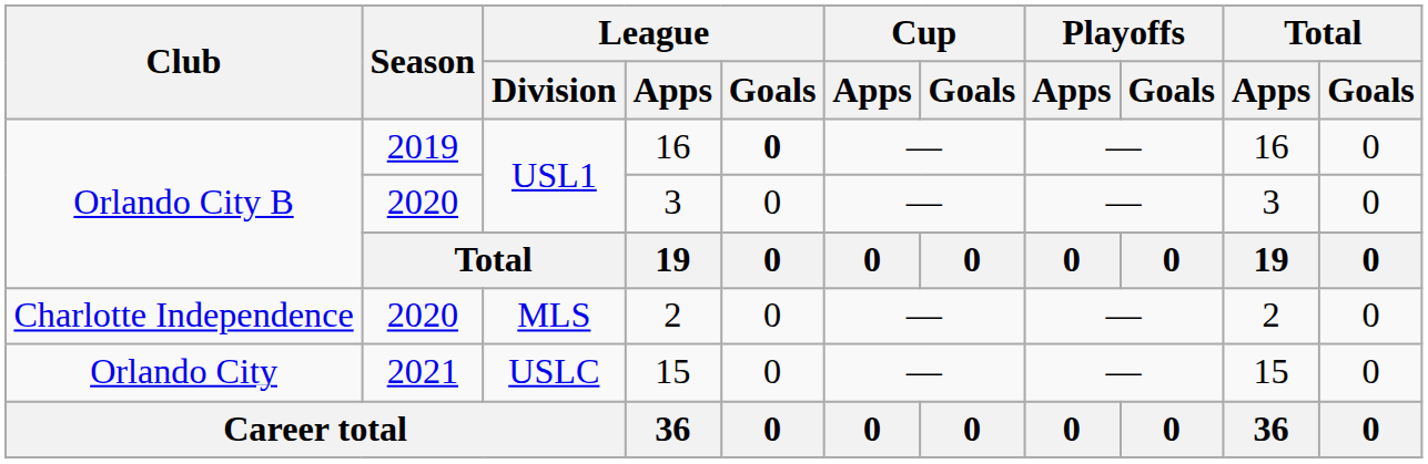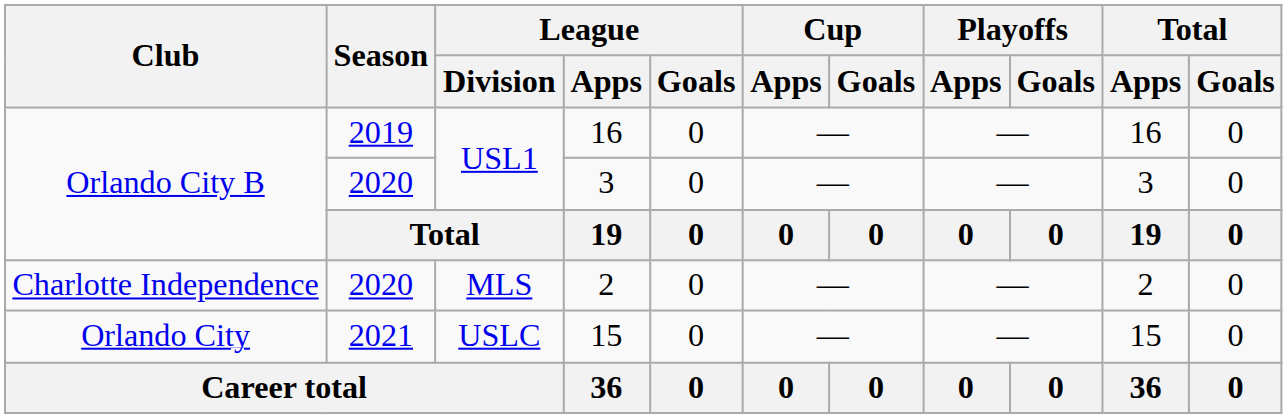 <table class="wikitable" style="text-align:center;">
 <tr>
 <th rowspan="2">Club</th>
 <th rowspan="2">Season</th>
 <th colspan="3">League</th>
 <th colspan="2">Cup</th>
 <th colspan="2">Playoffs</th>
 <th colspan="2">Total</th>
 </tr>
 <tr>
 <th>Division</th>
 <th>Apps</th>
 <th>Goals</th>
 <th>Apps</th>
 <th>Goals</th>
 <th>Apps</th>
 <th>Goals</th>
 <th>Apps</th>
 <th>Goals</th>
 </tr>
 <tr>
 <td rowspan="3"><a href='#'>Orlando City B</a></td>
 <td><a href='#'>2019</a></td>
 <td rowspan="2"><a href='#'>USL1</a></td>
 <td>16</td>
-<td><strong>0</strong></td>
+<td>0</td>
 <td colspan="2">—</td>
 <td colspan="2">—</td>
 <td>16</td>
 <td>0</td>
 </tr>
 <tr>
 <td><a href='#'>2020</a></td>
 <td>3</td>
 <td>0</td>
 <td colspan="2">—</td>
 <td colspan="2">—</td>
 <td>3</td>
 <td>0</td>
 </tr>
 <tr>
 <th colspan="2">Total</th>
 <th>19</th>
 <th>0</th>
 <th>0</th>
 <th>0</th>
 <th>0</th>
 <th>0</th>
 <th>19</th>
 <th>0</th>
 </tr>
 <tr>
 <td><a href='#'>Charlotte Independence</a></td>
 <td><a href='#'>2020</a></td>
 <td><a href='#'>MLS</a></td>
 <td>2</td>
 <td>0</td>
 <td colspan="2">—</td>
 <td colspan="2">—</td>
 <td>2</td>
 <td>0</td>
 </tr>
 <tr>
 <td><a href='#'>Orlando City</a></td>
 <td><a href='#'>2021</a></td>
 <td><a href='#'>USLC</a></td>
 <td>15</td>
 <td>0</td>
 <td colspan="2">—</td>
 <td colspan="2">—</td>
 <td>15</td>
 <td>0</td>
 </tr>
 <tr>
 <th colspan="3">Career total</th>
 <th>36</th>
 <th>0</th>
 <th>0</th>
 <th>0</th>
 <th>0</th>
 <th>0</th>
 <th>36</th>
 <th>0</th>
 </tr>
 </table>
